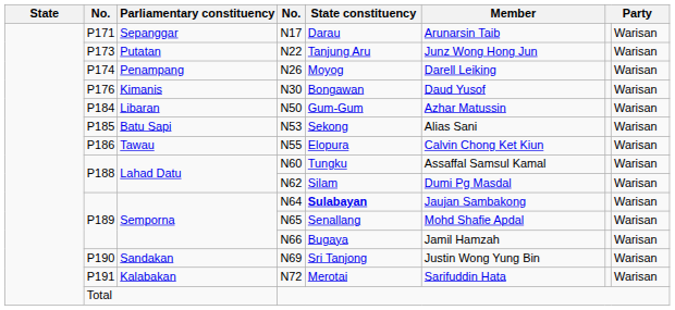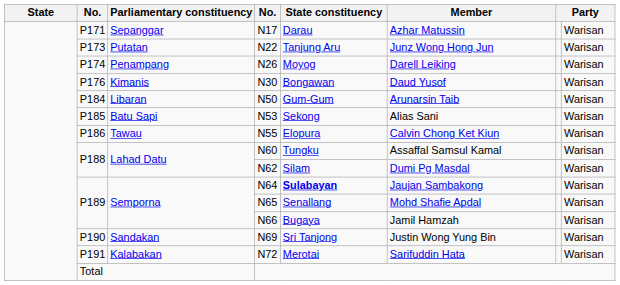 <table class ="wikitable sortable">
 <tr>
 <th style="width:100px;">State</th>
 <th>No.</th>
 <th>Parliamentary constituency</th>
 <th style="width:30px;">No.</th>
 <th style="width:150px;">State constituency</th>
 <th style="width:240px;">Member</th>
 <th style="width:80px;" colspan=2>Party</th>
 </tr>
 <tr>
 <td rowspan="15"></td>
 <td>P171</td>
 <td><a href='#'>Sepanggar</a></td>
 <td>N17</td>
 <td><a href='#'>Darau</a></td>
-<td><a href='#'>Arunarsin Taib</a></td>
+<td><a href='#'>Azhar Matussin</a></td>
 <td></td>
 <td>Warisan</td>
 </tr>
 <tr>
 <td>P173</td>
 <td><a href='#'>Putatan</a></td>
 <td>N22</td>
 <td><a href='#'>Tanjung Aru</a></td>
 <td><a href='#'>Junz Wong Hong Jun</a></td>
 <td></td>
 <td>Warisan</td>
 </tr>
 <tr>
 <td>P174</td>
 <td><a href='#'>Penampang</a></td>
 <td>N26</td>
 <td><a href='#'>Moyog</a></td>
 <td><a href='#'>Darell Leiking</a></td>
 <td></td>
 <td>Warisan</td>
 </tr>
 <tr>
 <td>P176</td>
 <td><a href='#'>Kimanis</a></td>
 <td>N30</td>
 <td><a href='#'>Bongawan</a></td>
 <td><a href='#'>Daud Yusof</a></td>
 <td></td>
 <td>Warisan</td>
 </tr>
 <tr>
 <td>P184</td>
 <td><a href='#'>Libaran</a></td>
 <td>N50</td>
 <td><a href='#'>Gum-Gum</a></td>
-<td><a href='#'>Azhar Matussin</a></td>
+<td><a href='#'>Arunarsin Taib</a></td>
 <td></td>
 <td>Warisan</td>
 </tr>
 <tr>
 <td>P185</td>
 <td><a href='#'>Batu Sapi</a></td>
 <td>N53</td>
 <td><a href='#'>Sekong</a></td>
 <td>Alias Sani</td>
 <td></td>
 <td>Warisan</td>
 </tr>
 <tr>
 <td>P186</td>
 <td><a href='#'>Tawau</a></td>
 <td>N55</td>
 <td><a href='#'>Elopura</a></td>
 <td><a href='#'>Calvin Chong Ket Kiun</a></td>
 <td></td>
 <td>Warisan</td>
 </tr>
 <tr>
 <td rowspan="2">P188</td>
 <td rowspan="2"><a href='#'>Lahad Datu</a></td>
 <td>N60</td>
 <td><a href='#'>Tungku</a></td>
 <td>Assaffal Samsul Kamal</td>
 <td></td>
 <td>Warisan</td>
 </tr>
 <tr>
 <td>N62</td>
 <td><a href='#'>Silam</a></td>
 <td><a href='#'>Dumi Pg Masdal</a></td>
 <td></td>
 <td>Warisan</td>
 </tr>
 <tr>
 <td rowspan="3">P189</td>
 <td rowspan="3"><a href='#'>Semporna</a></td>
 <td>N64</td>
 <td><strong><a href='#'>Sulabayan</a></strong></td>
 <td><a href='#'>Jaujan Sambakong</a></td>
 <td></td>
 <td>Warisan</td>
 </tr>
 <tr>
 <td>N65</td>
 <td><a href='#'>Senallang</a></td>
 <td><a href='#'>Mohd Shafie Apdal</a></td>
 <td></td>
 <td>Warisan</td>
 </tr>
 <tr>
 <td>N66</td>
 <td><a href='#'>Bugaya</a></td>
 <td>Jamil Hamzah</td>
 <td></td>
 <td>Warisan</td>
 </tr>
 <tr>
 <td>P190</td>
 <td><a href='#'>Sandakan</a></td>
 <td>N69</td>
 <td><a href='#'>Sri Tanjong</a></td>
 <td>Justin Wong Yung Bin</td>
 <td></td>
 <td>Warisan</td>
 </tr>
 <tr>
 <td>P191</td>
 <td><a href='#'>Kalabakan</a></td>
 <td>N72</td>
 <td><a href='#'>Merotai</a></td>
 <td><a href='#'>Sarifuddin Hata</a></td>
 <td></td>
 <td>Warisan</td>
 </tr>
 <tr>
 <td colspan="2">Total</td>
 <td colspan="7"></td>
 </tr>
 </table>
